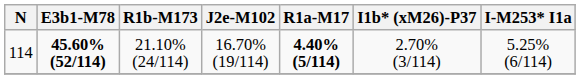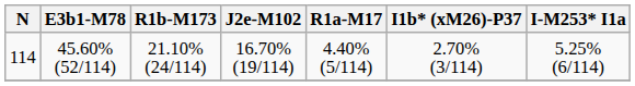 <table class="wikitable sortable" style="text-align:center; font-size: 70%;">
 <tr>
 <th>N</th>
 <th>E3b1-M78</th>
 <th>R1b-M173</th>
 <th>J2e-M102</th>
 <th>R1a-M17</th>
 <th>I1b* (xM26)-P37</th>
 <th>I-M253* I1a</th>
 </tr>
 <tr>
 <td>114</td>
-<td><strong>45.60%<br>(52/114)</strong></td>
+<td>45.60%<br>(52/114)</td>
 <td>21.10%<br>(24/114)</td>
 <td>16.70%<br>(19/114)</td>
-<td><strong>4.40%<br>(5/114)</strong></td>
+<td>4.40%<br>(5/114)</td>
 <td>2.70%<br>(3/114)</td>
 <td>5.25%<br>(6/114)</td>
 </tr>
 <tr>
 </tr>
 </table>
